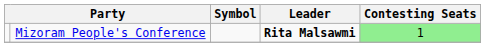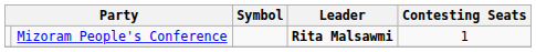 <table class="wikitable" width="60%" style="text-align:center">
 <tr>
 <th colspan="2">Party</th>
 <th>Symbol</th>
 <th>Leader</th>
 <th>Contesting Seats</th>
 </tr>
 <tr>
 <td></td>
 <td><a href='#'>Mizoram People's Conference</a></td>
 <td></td>
 <td><strong>Rita Malsawmi</strong></td>
-<td style="background: lightgreen;">1</td>
+<td>1</td>
 </tr>
 <tr>
 </tr>
 </table>
